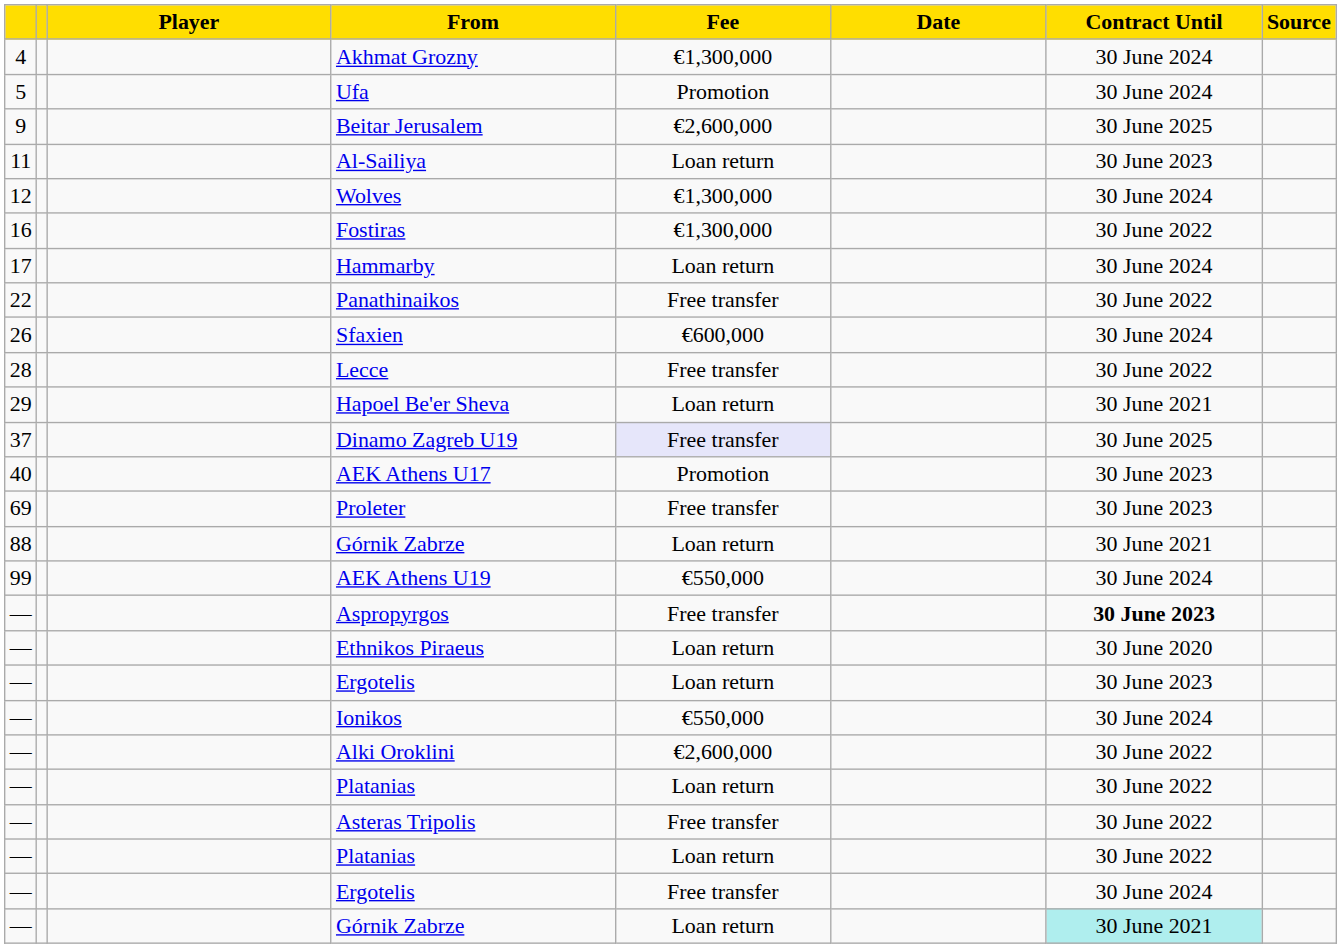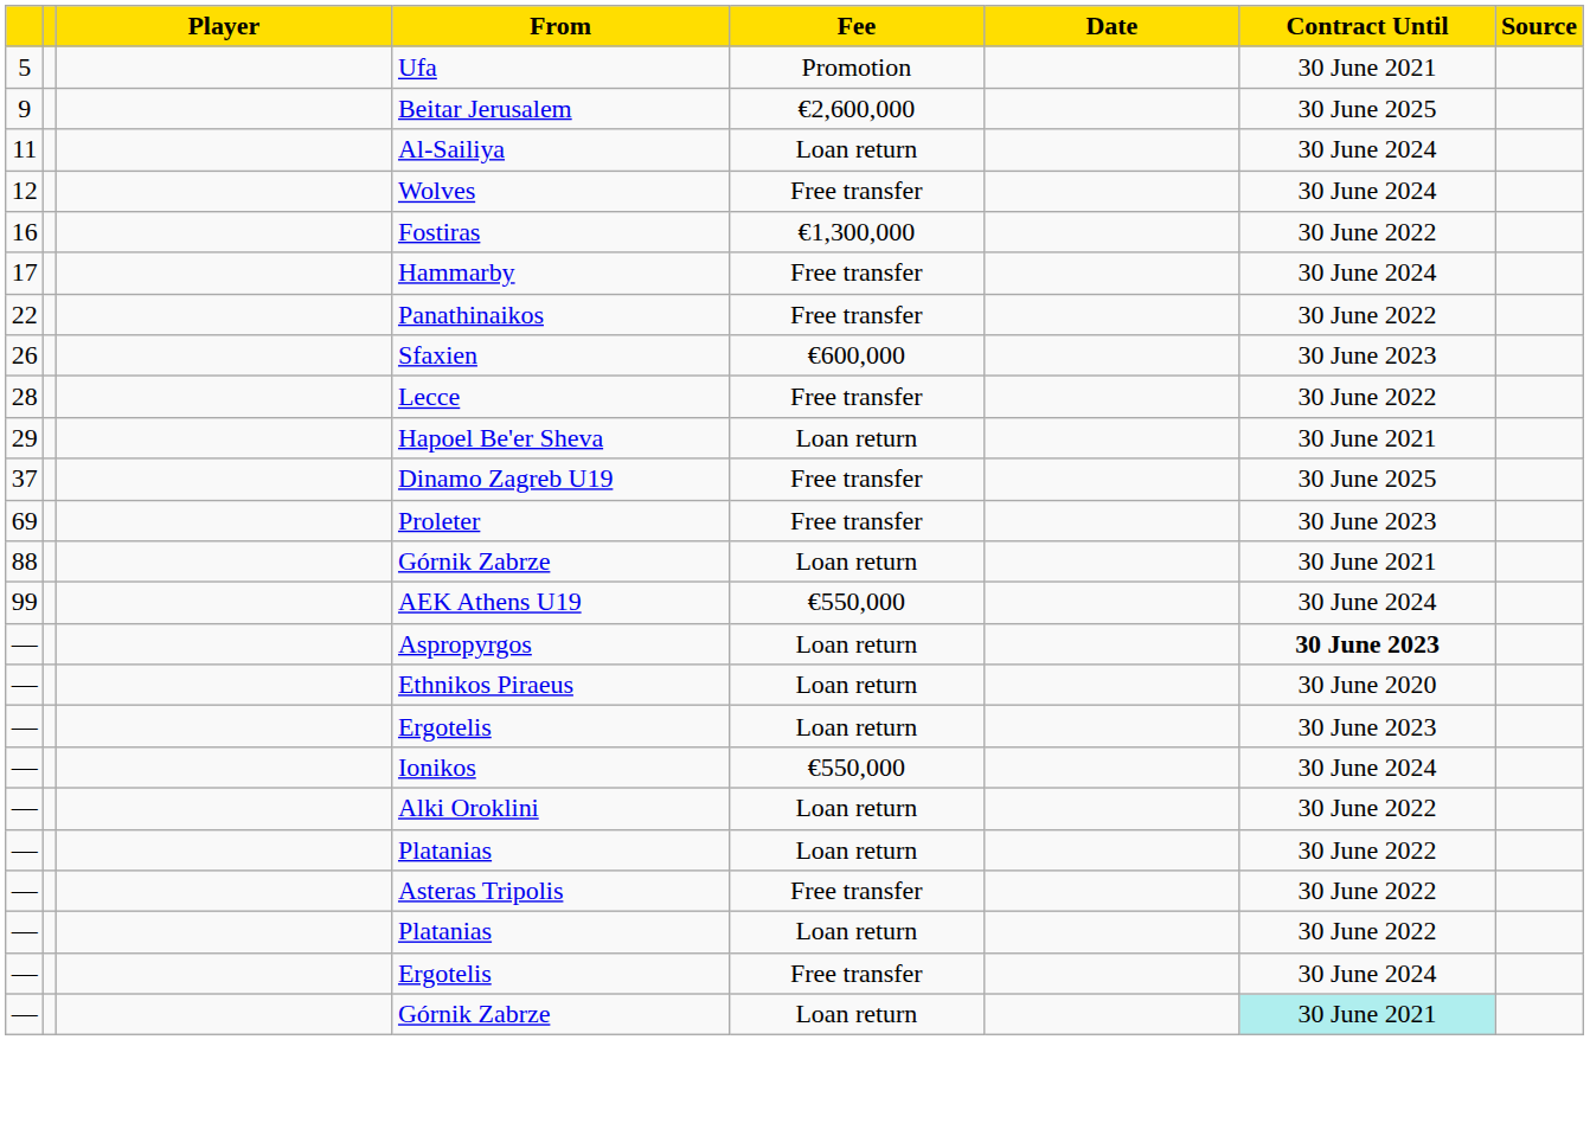 <table class="wikitable sortable">
 <tr>
 <th style="background:#FFDE00"></th>
 <th style="background:#FFDE00"></th>
 <th width=200 style="background:#FFDE00">Player</th>
 <th width=200 style="background:#FFDE00">From</th>
 <th width=150 style="background:#FFDE00">Fee</th>
 <th width=150 style="background:#FFDE00">Date</th>
 <th width=150 style="background:#FFDE00">Contract Until</th>
 <th style="background:#FFDE00">Source</th>
 </tr>
 <tr>
-<td align=center>4</td>
-<td align=center></td>
-<td></td>
-<td> <a href='#'>Akhmat Grozny</a></td>
-<td align=center>€1,300,000</td>
-<td align=center></td>
-<td align=center>30 June 2024</td>
-<td align=center></td>
-</tr>
-<tr>
 <td align=center>5</td>
 <td align=center></td>
 <td></td>
 <td> <a href='#'>Ufa</a></td>
 <td align=center>Promotion</td>
 <td align=center></td>
-<td align=center>30 June 2024</td>
+<td align=center>30 June 2021</td>
 <td align=center></td>
 </tr>
 <tr>
 <td align=center>9</td>
 <td align=center></td>
 <td></td>
 <td> <a href='#'>Beitar Jerusalem</a></td>
 <td align=center>€2,600,000</td>
 <td align=center></td>
 <td align=center>30 June 2025</td>
 <td align=center></td>
 </tr>
 <tr>
 <td align=center>11</td>
 <td align=center></td>
 <td></td>
 <td> <a href='#'>Al-Sailiya</a></td>
 <td align=center>Loan return</td>
 <td align=center></td>
-<td align=center>30 June 2023</td>
+<td align=center>30 June 2024</td>
 <td align=center></td>
 </tr>
 <tr>
 <td align=center>12</td>
 <td align=center></td>
 <td></td>
 <td> <a href='#'>Wolves</a></td>
-<td align=center>€1,300,000</td>
+<td align=center>Free transfer</td>
 <td align=center></td>
 <td align=center>30 June 2024</td>
 <td align=center></td>
 </tr>
 <tr>
 <td align=center>16</td>
 <td align=center></td>
 <td></td>
 <td> <a href='#'>Fostiras</a></td>
 <td align=center>€1,300,000</td>
 <td align=center></td>
 <td align=center>30 June 2022</td>
 <td align=center></td>
 </tr>
 <tr>
 <td align=center>17</td>
 <td align=center></td>
 <td></td>
 <td> <a href='#'>Hammarby</a></td>
-<td align=center>Loan return</td>
+<td align=center>Free transfer</td>
 <td align=center></td>
 <td align=center>30 June 2024</td>
 <td align=center></td>
 </tr>
 <tr>
 <td align=center>22</td>
 <td align=center></td>
 <td></td>
 <td> <a href='#'>Panathinaikos</a></td>
 <td align=center>Free transfer</td>
 <td align=center></td>
 <td align=center>30 June 2022</td>
 <td align=center></td>
 </tr>
 <tr>
 <td align=center>26</td>
 <td align=center></td>
 <td></td>
 <td> <a href='#'>Sfaxien</a></td>
 <td align=center>€600,000</td>
 <td align=center></td>
-<td align=center>30 June 2024</td>
+<td align=center>30 June 2023</td>
 <td align=center></td>
 </tr>
 <tr>
 <td align=center>28</td>
 <td align=center></td>
 <td></td>
 <td> <a href='#'>Lecce</a></td>
 <td align=center>Free transfer</td>
 <td align=center></td>
 <td align=center>30 June 2022</td>
 <td align=center></td>
 </tr>
 <tr>
 <td align=center>29</td>
 <td align=center></td>
 <td></td>
 <td> <a href='#'>Hapoel Be'er Sheva</a></td>
 <td align=center>Loan return</td>
 <td align=center></td>
 <td align=center>30 June 2021</td>
 <td align=center></td>
 </tr>
 <tr>
 <td align=center>37</td>
 <td align=center></td>
 <td></td>
 <td> <a href='#'>Dinamo Zagreb U19</a></td>
-<td align=center style="background: lavender;">Free transfer</td>
+<td align=center>Free transfer</td>
 <td align=center></td>
 <td align=center>30 June 2025</td>
-<td align=center></td>
-</tr>
-<tr>
-<td align=center>40</td>
-<td align=center></td>
-<td></td>
-<td> <a href='#'>AEK Athens U17</a></td>
-<td align=center>Promotion</td>
-<td align=center></td>
-<td align=center>30 June 2023</td>
 <td align=center></td>
 </tr>
 <tr>
 <td align=center>69</td>
 <td align=center></td>
 <td></td>
 <td> <a href='#'>Proleter</a></td>
 <td align=center>Free transfer</td>
 <td align=center></td>
 <td align=center>30 June 2023</td>
 <td align=center></td>
 </tr>
 <tr>
 <td align=center>88</td>
 <td align=center></td>
 <td></td>
 <td> <a href='#'>Górnik Zabrze</a></td>
 <td align=center>Loan return</td>
 <td align=center></td>
 <td align=center>30 June 2021</td>
 <td align=center></td>
 </tr>
 <tr>
 <td align=center>99</td>
 <td align=center></td>
 <td></td>
 <td> <a href='#'>AEK Athens U19</a></td>
 <td align=center>€550,000</td>
 <td align=center></td>
 <td align=center>30 June 2024</td>
 <td align=center></td>
 </tr>
 <tr>
 <td align=center>—</td>
 <td align=center></td>
 <td></td>
 <td> <a href='#'>Aspropyrgos</a></td>
-<td align=center>Free transfer</td>
+<td align=center>Loan return</td>
 <td align=center></td>
 <td align=center><strong>30 June 2023</strong></td>
 <td align=center></td>
 </tr>
 <tr>
 <td align=center>—</td>
 <td align=center></td>
 <td></td>
 <td> <a href='#'>Ethnikos Piraeus</a></td>
 <td align=center>Loan return</td>
 <td align=center></td>
 <td align=center>30 June 2020</td>
 <td align=center></td>
 </tr>
 <tr>
 <td align=center>—</td>
 <td align=center></td>
 <td></td>
 <td> <a href='#'>Ergotelis</a></td>
 <td align=center>Loan return</td>
 <td align=center></td>
 <td align=center>30 June 2023</td>
 <td align=center></td>
 </tr>
 <tr>
 <td align=center>—</td>
 <td align=center></td>
 <td></td>
 <td> <a href='#'>Ionikos</a></td>
 <td align=center>€550,000</td>
 <td align=center></td>
 <td align=center>30 June 2024</td>
 <td align=center></td>
 </tr>
 <tr>
 <td align=center>—</td>
 <td align=center></td>
 <td></td>
 <td> <a href='#'>Alki Oroklini</a></td>
-<td align=center>€2,600,000</td>
+<td align=center>Loan return</td>
 <td align=center></td>
 <td align=center>30 June 2022</td>
 <td align=center></td>
 </tr>
 <tr>
 <td align=center>—</td>
 <td align=center></td>
 <td></td>
 <td> <a href='#'>Platanias</a></td>
 <td align=center>Loan return</td>
 <td align=center></td>
 <td align=center>30 June 2022</td>
 <td align=center></td>
 </tr>
 <tr>
 <td align=center>—</td>
 <td align=center></td>
 <td></td>
 <td> <a href='#'>Asteras Tripolis</a></td>
 <td align=center>Free transfer</td>
 <td align=center></td>
 <td align=center>30 June 2022</td>
 <td align=center></td>
 </tr>
 <tr>
 <td align=center>—</td>
 <td align=center></td>
 <td></td>
 <td> <a href='#'>Platanias</a></td>
 <td align=center>Loan return</td>
 <td align=center></td>
 <td align=center>30 June 2022</td>
 <td align=center></td>
 </tr>
 <tr>
 <td align=center>—</td>
 <td align=center></td>
 <td></td>
 <td> <a href='#'>Ergotelis</a></td>
 <td align=center>Free transfer</td>
 <td align=center></td>
 <td align=center>30 June 2024</td>
 <td align=center></td>
 </tr>
 <tr>
 <td align=center>—</td>
 <td align=center></td>
 <td></td>
 <td> <a href='#'>Górnik Zabrze</a></td>
 <td align=center>Loan return</td>
 <td align=center></td>
 <td align=center style="background: paleturquoise;">30 June 2021</td>
 <td align=center></td>
 </tr>
 </table>
